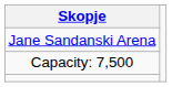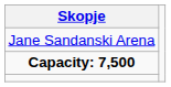 <table class="wikitable" style="text-align:center">
 <tr>
 <th><a href='#'>Skopje</a></th>
 <td rowspan=4></td>
 </tr>
 <tr>
 <td><a href='#'>Jane Sandanski Arena</a></td>
 </tr>
 <tr>
-<td>Capacity: 7,500</td>
+<td><strong>Capacity: 7,500</strong></td>
 </tr>
 <tr>
 <td></td>
 </tr>
 </table>
